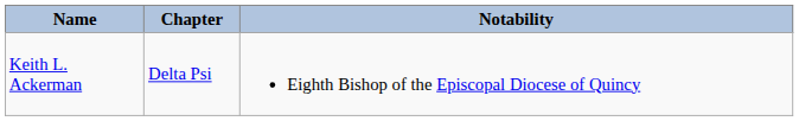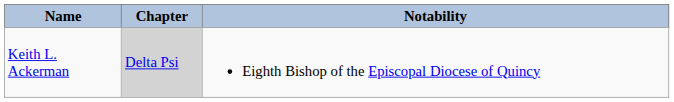 <table class="wikitable">
 <tr>
 <th style="background: #B0C4DE; color:#000000 ;border:solid 1px #808080;" width=120px>Name</th>
 <th style="background: #B0C4DE; color:#000000 ;border:solid 1px #808080;" width=80px>Chapter</th>
 <th style="background: #B0C4DE; color:#000000 ;border:solid 1px #808080;" width=500px>Notability</th>
 </tr>
 <tr>
 </tr>
 <tr>
 <td><a href='#'>Keith L. Ackerman</a></td>
-<td><a href='#'>Delta Psi</a></td>
+<td style="background: lightgrey;"><a href='#'>Delta Psi</a></td>
 <td><br><ul><li>Eighth Bishop of the <a href='#'>Episcopal Diocese of Quincy</a></li></ul></td>
 </tr>
 </table>
